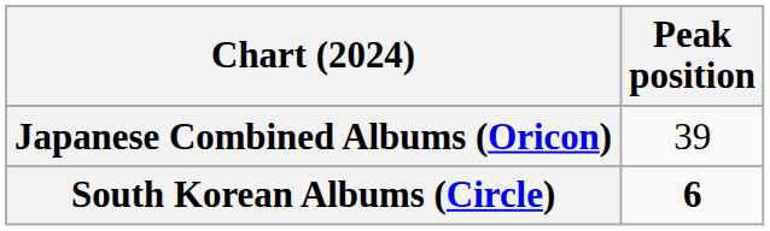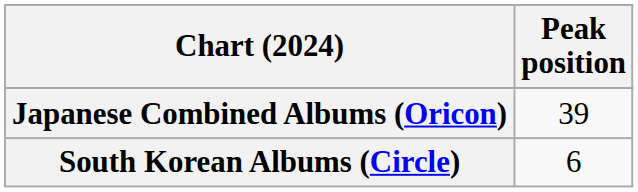 <table class="wikitable sortable plainrowheaders" style="text-align:center">
 <tr>
 <th scope="col">Chart (2024)</th>
 <th scope="col">Peak<br>position</th>
 </tr>
 <tr>
 </tr>
 <tr>
 <th scope="row">Japanese Combined Albums (<a href='#'>Oricon</a>)</th>
 <td>39</td>
 </tr>
 <tr>
 <th scope="row">South Korean Albums (<a href='#'>Circle</a>)</th>
-<td><strong>6</strong></td>
+<td>6</td>
 </tr>
 </table>
